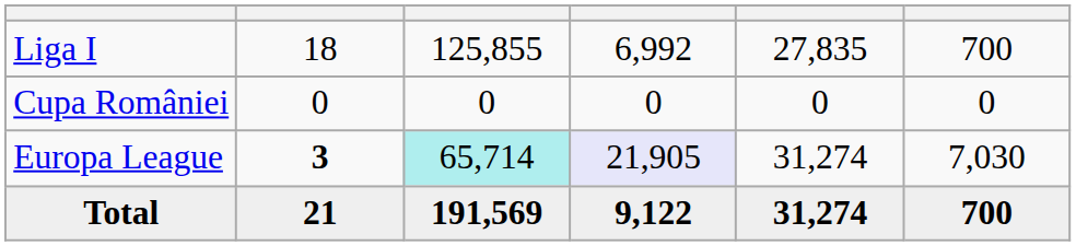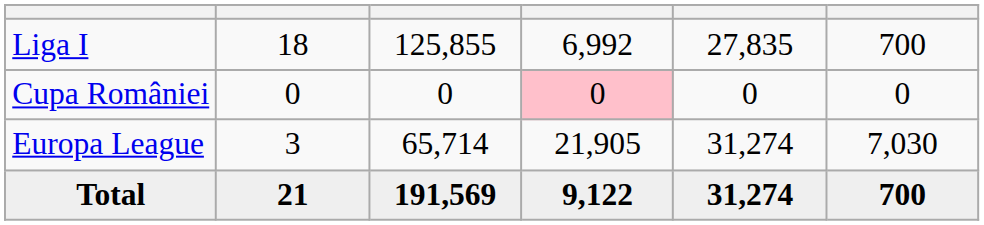 <table class="wikitable" style="text-align: center;">
 <tr>
 <th></th>
 <th style="width:70px;"></th>
 <th style="width:70px;"></th>
 <th style="width:70px;"></th>
 <th style="width:70px;"></th>
 <th style="width:70px;"></th>
 </tr>
 <tr>
 <td align=left><a href='#'>Liga I</a></td>
 <td>18</td>
 <td>125,855</td>
 <td>6,992</td>
 <td>27,835</td>
 <td>700</td>
 </tr>
 <tr>
 <td align=left><a href='#'>Cupa României</a></td>
 <td>0</td>
 <td>0</td>
-<td>0</td>
+<td style="background: pink;">0</td>
 <td>0</td>
 <td>0</td>
 </tr>
 <tr>
 <td align=left><a href='#'>Europa League</a></td>
-<td><strong>3</strong></td>
-<td style="background: paleturquoise;">65,714</td>
-<td style="background: lavender;">21,905</td>
+<td>3</td>
+<td>65,714</td>
+<td>21,905</td>
 <td>31,274</td>
 <td>7,030</td>
 </tr>
 <tr bgcolor="#EFEFEF">
 <td><strong>Total</strong></td>
 <td><strong>21</strong></td>
 <td><strong>191,569</strong></td>
 <td><strong>9,122</strong></td>
 <td><strong>31,274</strong></td>
 <td><strong>700</strong></td>
 </tr>
 </table>
